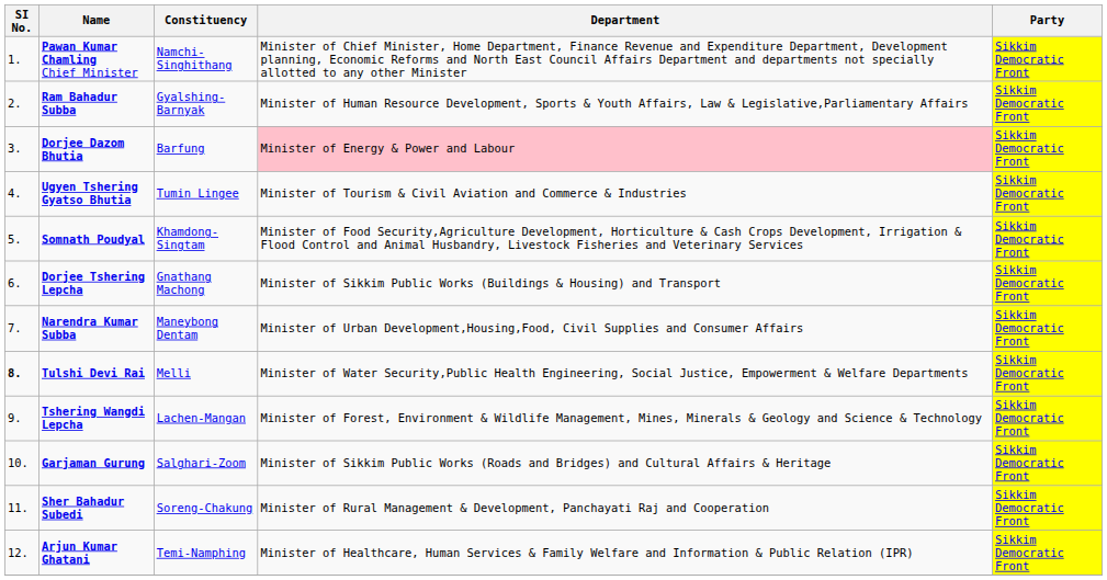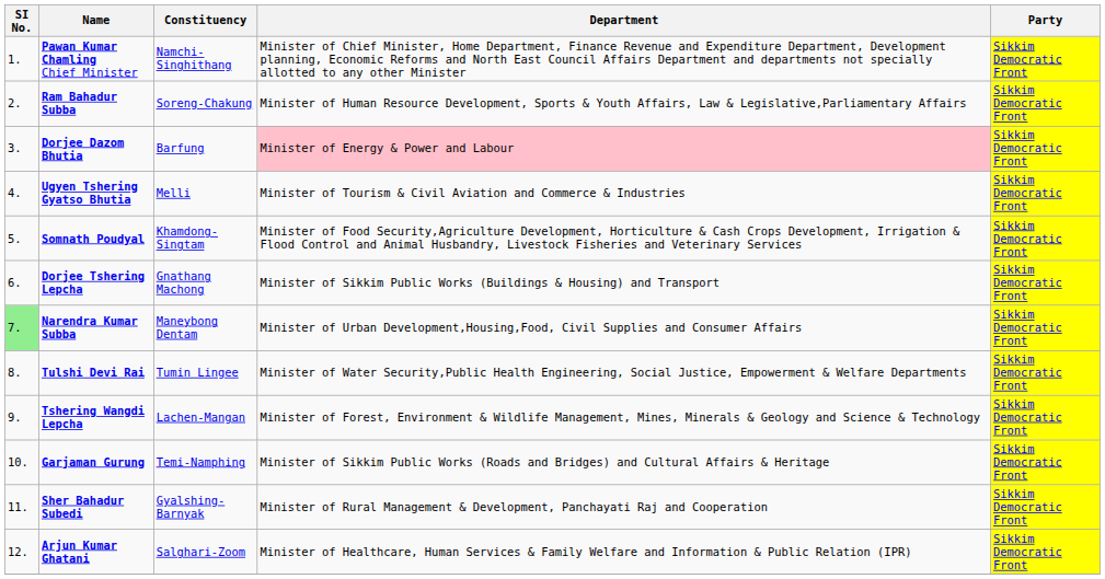 <table class ="wikitable">
 <tr>
 <th>SI No.</th>
 <th>Name</th>
 <th>Constituency</th>
 <th>Department</th>
 <th>Party</th>
 </tr>
 <tr>
 <td>1.</td>
 <td><strong><a href='#'>Pawan Kumar Chamling</a></strong><br><a href='#'>Chief Minister</a></td>
 <td><a href='#'>Namchi-Singhithang</a></td>
 <td>Minister of Chief Minister, Home Department, Finance Revenue and Expenditure Department, Development planning, Economic Reforms and North East Council Affairs Department and departments not specially allotted to any other Minister</td>
 <td bgcolor=#FFFF00><a href='#'>Sikkim Democratic Front</a></td>
 </tr>
 <tr>
 <td>2.</td>
 <td><strong><a href='#'>Ram Bahadur Subba</a></strong></td>
-<td><a href='#'>Gyalshing-Barnyak</a></td>
+<td><a href='#'>Soreng-Chakung</a></td>
 <td>Minister of Human Resource Development, Sports & Youth Affairs, Law & Legislative,Parliamentary Affairs</td>
 <td bgcolor=#FFFF00><a href='#'>Sikkim Democratic Front</a></td>
 </tr>
 <tr>
 <td>3.</td>
 <td><strong><a href='#'>Dorjee Dazom Bhutia</a></strong></td>
 <td><a href='#'>Barfung</a></td>
 <td style="background: pink;">Minister of Energy & Power and Labour</td>
 <td bgcolor=#FFFF00><a href='#'>Sikkim Democratic Front</a></td>
 </tr>
 <tr>
 <td>4.</td>
 <td><strong><a href='#'>Ugyen Tshering Gyatso Bhutia</a></strong></td>
-<td><a href='#'>Tumin Lingee</a></td>
+<td><a href='#'>Melli</a></td>
 <td>Minister of Tourism & Civil Aviation and Commerce & Industries</td>
 <td bgcolor=#FFFF00><a href='#'>Sikkim Democratic Front</a></td>
 </tr>
 <tr>
 <td>5.</td>
 <td><strong><a href='#'>Somnath Poudyal</a></strong></td>
 <td><a href='#'>Khamdong-Singtam</a></td>
 <td>Minister of Food Security,Agriculture Development, Horticulture & Cash Crops Development, Irrigation & Flood Control and Animal Husbandry, Livestock Fisheries and Veterinary Services</td>
 <td bgcolor=#FFFF00><a href='#'>Sikkim Democratic Front</a></td>
 </tr>
 <tr>
 <td>6.</td>
 <td><strong><a href='#'>Dorjee Tshering Lepcha</a></strong></td>
 <td><a href='#'>Gnathang Machong</a></td>
 <td>Minister of Sikkim Public Works (Buildings & Housing) and Transport</td>
 <td bgcolor=#FFFF00><a href='#'>Sikkim Democratic Front</a></td>
 </tr>
 <tr>
-<td>7.</td>
+<td style="background: lightgreen;">7.</td>
 <td><strong><a href='#'>Narendra Kumar Subba</a></strong></td>
 <td><a href='#'>Maneybong Dentam</a></td>
 <td>Minister of Urban Development,Housing,Food, Civil Supplies and Consumer Affairs</td>
 <td bgcolor=#FFFF00><a href='#'>Sikkim Democratic Front</a></td>
 </tr>
 <tr>
-<td><strong>8.</strong></td>
+<td>8.</td>
 <td><strong><a href='#'>Tulshi Devi Rai</a></strong></td>
-<td><a href='#'>Melli</a></td>
+<td><a href='#'>Tumin Lingee</a></td>
 <td>Minister of Water Security,Public Health Engineering, Social Justice, Empowerment & Welfare Departments</td>
 <td bgcolor=#FFFF00><a href='#'>Sikkim Democratic Front</a></td>
 </tr>
 <tr>
 <td>9.</td>
 <td><strong><a href='#'>Tshering Wangdi Lepcha</a></strong></td>
 <td><a href='#'>Lachen-Mangan</a></td>
 <td>Minister of Forest, Environment & Wildlife Management, Mines, Minerals & Geology and Science & Technology</td>
 <td bgcolor=#FFFF00><a href='#'>Sikkim Democratic Front</a></td>
 </tr>
 <tr>
 <td>10.</td>
 <td><strong><a href='#'>Garjaman Gurung</a></strong></td>
-<td><a href='#'>Salghari-Zoom</a></td>
+<td><a href='#'>Temi-Namphing</a></td>
 <td>Minister of Sikkim Public Works (Roads and Bridges) and Cultural Affairs & Heritage</td>
 <td bgcolor=#FFFF00><a href='#'>Sikkim Democratic Front</a></td>
 </tr>
 <tr>
 <td>11.</td>
 <td><strong><a href='#'>Sher Bahadur Subedi</a></strong></td>
-<td><a href='#'>Soreng-Chakung</a></td>
+<td><a href='#'>Gyalshing-Barnyak</a></td>
 <td>Minister of Rural Management & Development, Panchayati Raj and Cooperation</td>
 <td bgcolor=#FFFF00><a href='#'>Sikkim Democratic Front</a></td>
 </tr>
 <tr>
 <td>12.</td>
 <td><strong><a href='#'>Arjun Kumar Ghatani</a></strong></td>
-<td><a href='#'>Temi-Namphing</a></td>
+<td><a href='#'>Salghari-Zoom</a></td>
 <td>Minister of Healthcare, Human Services & Family Welfare and Information & Public Relation (IPR)</td>
 <td bgcolor=#FFFF00><a href='#'>Sikkim Democratic Front</a></td>
 </tr>
 <tr>
 </tr>
 </table>
